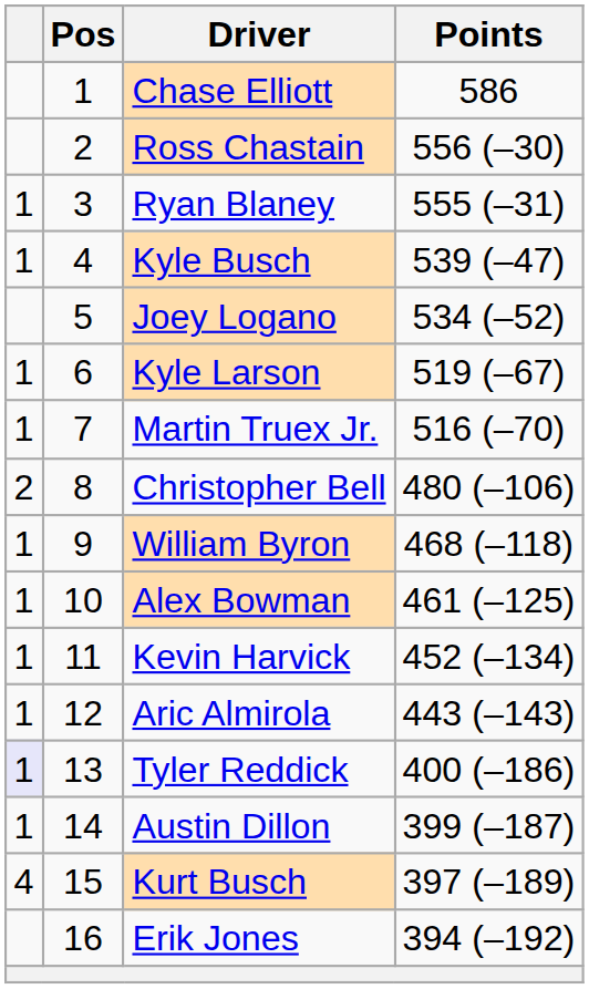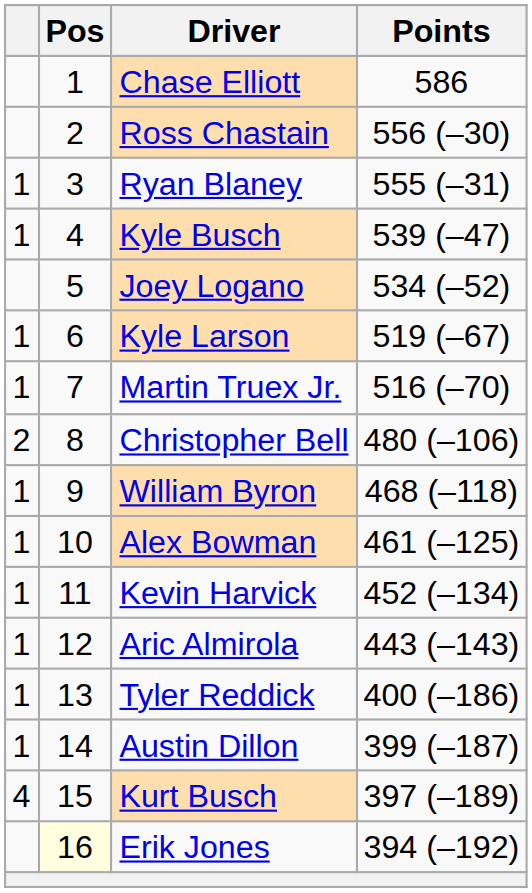 <table class="wikitable" style="font-size: 95%">
 <tr>
 <th></th>
 <th>Pos</th>
 <th>Driver</th>
 <th>Points</th>
 </tr>
 <tr>
 <td align="left"></td>
 <td style="text-align:center;">1</td>
 <td style="background:#FFDEAD;"><a href='#'>Chase Elliott</a></td>
 <td style="text-align:center;">586</td>
 </tr>
 <tr>
 <td align="left"></td>
 <td style="text-align:center;">2</td>
 <td style="background:#FFDEAD;"><a href='#'>Ross Chastain</a></td>
 <td style="text-align:center;">556 (–30)</td>
 </tr>
 <tr>
 <td align="left"> 1</td>
 <td style="text-align:center;">3</td>
 <td><a href='#'>Ryan Blaney</a></td>
 <td style="text-align:center;">555 (–31)</td>
 </tr>
 <tr>
 <td align="left"> 1</td>
 <td style="text-align:center;">4</td>
 <td style="background:#FFDEAD;"><a href='#'>Kyle Busch</a></td>
 <td style="text-align:center;">539 (–47)</td>
 </tr>
 <tr>
 <td align="left"></td>
 <td style="text-align:center;">5</td>
 <td style="background:#FFDEAD;"><a href='#'>Joey Logano</a></td>
 <td style="text-align:center;">534 (–52)</td>
 </tr>
 <tr>
 <td align="left"> 1</td>
 <td style="text-align:center;">6</td>
 <td style="background:#FFDEAD;"><a href='#'>Kyle Larson</a></td>
 <td style="text-align:center;">519 (–67)</td>
 </tr>
 <tr>
 <td align="left"> 1</td>
 <td style="text-align:center;">7</td>
 <td><a href='#'>Martin Truex Jr.</a></td>
 <td style="text-align:center;">516 (–70)</td>
 </tr>
 <tr>
 <td align="left"> 2</td>
 <td style="text-align:center;">8</td>
 <td><a href='#'>Christopher Bell</a></td>
 <td style="text-align:center;">480 (–106)</td>
 </tr>
 <tr>
 <td align="left"> 1</td>
 <td style="text-align:center;">9</td>
 <td style="background:#FFDEAD;"><a href='#'>William Byron</a></td>
 <td style="text-align:center;">468 (–118)</td>
 </tr>
 <tr>
 <td align="left"> 1</td>
 <td style="text-align:center;">10</td>
 <td style="background:#FFDEAD;"><a href='#'>Alex Bowman</a></td>
 <td style="text-align:center;">461 (–125)</td>
 </tr>
 <tr>
 <td align="left"> 1</td>
 <td style="text-align:center;">11</td>
 <td><a href='#'>Kevin Harvick</a></td>
 <td style="text-align:center;">452 (–134)</td>
 </tr>
 <tr>
 <td align="left"> 1</td>
 <td style="text-align:center;">12</td>
 <td><a href='#'>Aric Almirola</a></td>
 <td style="text-align:center;">443 (–143)</td>
 </tr>
 <tr>
-<td align="left" style="background: lavender;"> 1</td>
+<td align="left"> 1</td>
 <td style="text-align:center;">13</td>
 <td><a href='#'>Tyler Reddick</a></td>
 <td style="text-align:center;">400 (–186)</td>
 </tr>
 <tr>
 <td align="left"> 1</td>
 <td style="text-align:center;">14</td>
 <td><a href='#'>Austin Dillon</a></td>
 <td style="text-align:center;">399 (–187)</td>
 </tr>
 <tr>
 <td align="left"> 4</td>
 <td style="text-align:center;">15</td>
 <td style="background:#FFDEAD;"><a href='#'>Kurt Busch</a></td>
 <td style="text-align:center;">397 (–189)</td>
 </tr>
 <tr>
 <td align="left"></td>
-<td style="text-align:center;">16</td>
+<td style="background: lightyellow; text-align:center;">16</td>
 <td><a href='#'>Erik Jones</a></td>
 <td style="text-align:center;">394 (–192)</td>
 </tr>
 <tr class="sortbottom">
 <th colspan="9"></th>
 </tr>
 </table>
